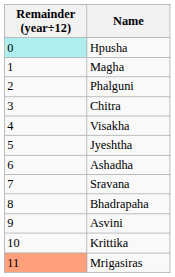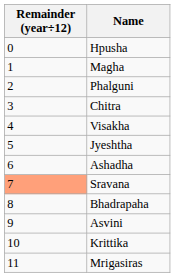 <table class="wikitable">
 <tr>
 <th width="100">Remainder (year÷12)</th>
 <th width="100">Name</th>
 </tr>
 <tr>
-<td style="background: paleturquoise;">0</td>
+<td>0</td>
 <td>Hpusha <br> </td>
 </tr>
 <tr>
 <td>1</td>
 <td>Magha <br> </td>
 </tr>
 <tr>
 <td>2</td>
 <td>Phalguni <br> </td>
 </tr>
 <tr>
 <td>3</td>
 <td>Chitra <br> </td>
 </tr>
 <tr>
 <td>4</td>
 <td>Visakha <br> </td>
 </tr>
 <tr>
 <td>5</td>
 <td>Jyeshtha <br> </td>
 </tr>
 <tr>
 <td>6</td>
 <td>Ashadha <br> </td>
 </tr>
 <tr>
-<td>7</td>
+<td style="background: lightsalmon;">7</td>
 <td>Sravana <br> </td>
 </tr>
 <tr>
 <td>8</td>
 <td>Bhadrapaha <br> </td>
 </tr>
 <tr>
 <td>9</td>
 <td>Asvini <br> </td>
 </tr>
 <tr>
 <td>10</td>
 <td>Krittika<br> </td>
 </tr>
 <tr>
-<td style="background: lightsalmon;">11</td>
+<td>11</td>
 <td>Mrigasiras <br> </td>
 </tr>
 </table>
